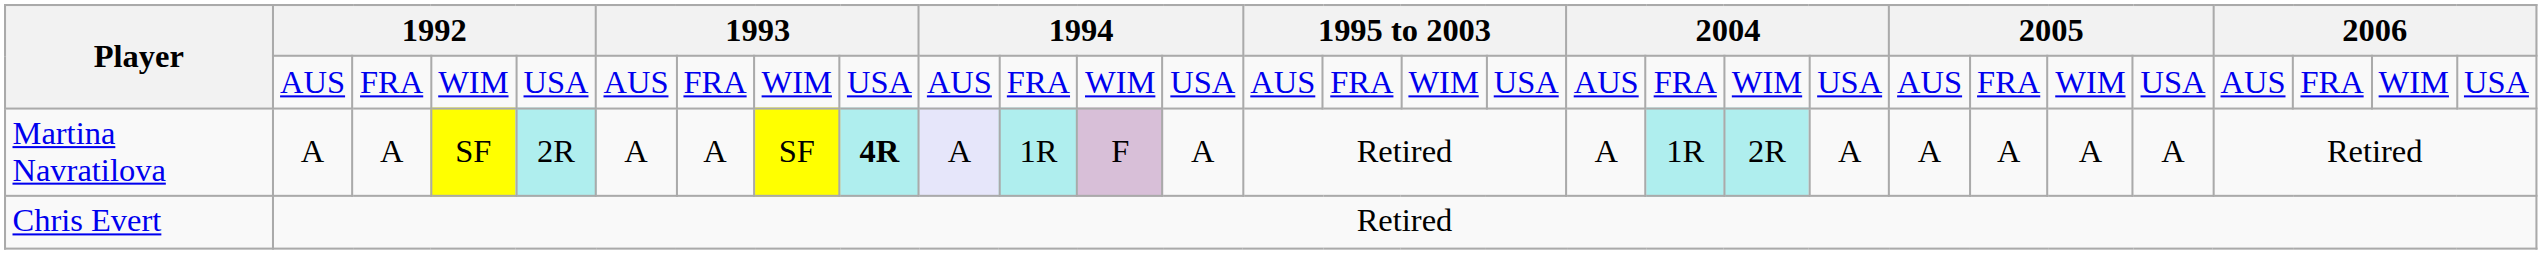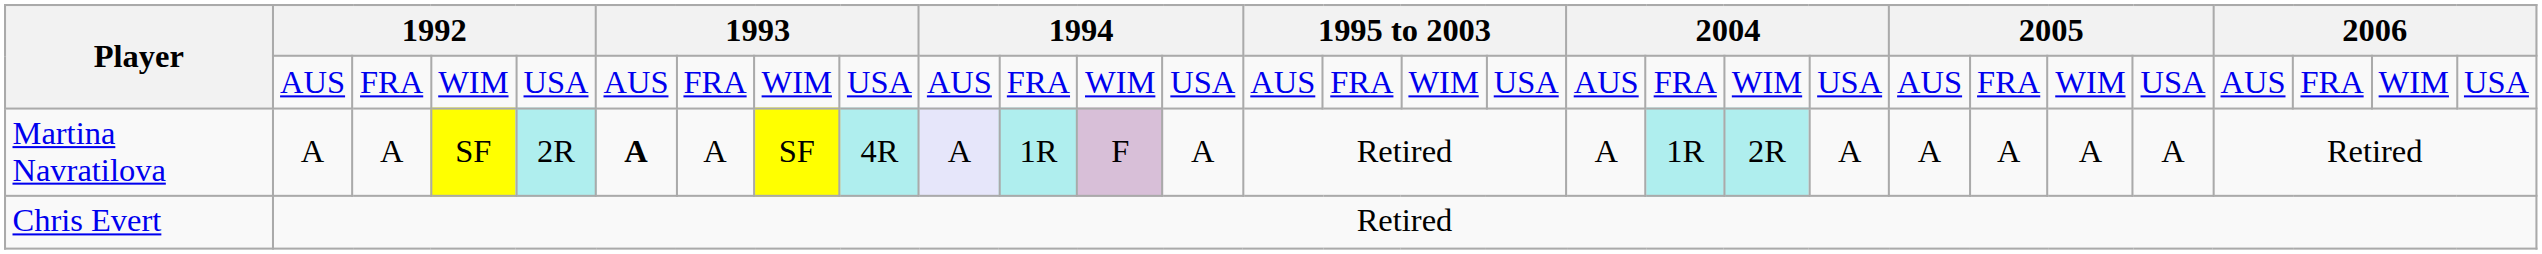 <table class="wikitable">
 <tr>
 <th rowspan="2">Player</th>
 <th colspan="4">1992</th>
 <th colspan="4">1993</th>
 <th colspan="4">1994</th>
 <th colspan="4">1995 to 2003</th>
 <th colspan="4">2004</th>
 <th colspan="4">2005</th>
 <th colspan="4">2006</th>
 </tr>
 <tr>
 <td><a href='#'>AUS</a></td>
 <td><a href='#'>FRA</a></td>
 <td><a href='#'>WIM</a></td>
 <td><a href='#'>USA</a></td>
 <td><a href='#'>AUS</a></td>
 <td><a href='#'>FRA</a></td>
 <td><a href='#'>WIM</a></td>
 <td><a href='#'>USA</a></td>
 <td><a href='#'>AUS</a></td>
 <td><a href='#'>FRA</a></td>
 <td><a href='#'>WIM</a></td>
 <td><a href='#'>USA</a></td>
 <td><a href='#'>AUS</a></td>
 <td><a href='#'>FRA</a></td>
 <td><a href='#'>WIM</a></td>
 <td><a href='#'>USA</a></td>
 <td><a href='#'>AUS</a></td>
 <td><a href='#'>FRA</a></td>
 <td><a href='#'>WIM</a></td>
 <td><a href='#'>USA</a></td>
 <td><a href='#'>AUS</a></td>
 <td><a href='#'>FRA</a></td>
 <td><a href='#'>WIM</a></td>
 <td><a href='#'>USA</a></td>
 <td><a href='#'>AUS</a></td>
 <td><a href='#'>FRA</a></td>
 <td><a href='#'>WIM</a></td>
 <td><a href='#'>USA</a></td>
 </tr>
 <tr align="center">
 <td align="left"> <a href='#'>Martina Navratilova</a></td>
 <td>A</td>
 <td>A</td>
 <td style="background:yellow;">SF</td>
 <td style="background:#afeeee;">2R</td>
-<td>A</td>
+<td><strong>A</strong></td>
 <td>A</td>
 <td style="background:yellow;">SF</td>
-<td style="background:#afeeee;"><strong>4R</strong></td>
+<td style="background:#afeeee;">4R</td>
 <td style="background: lavender;">A</td>
 <td style="background:#afeeee;">1R</td>
 <td style="background:#D8BFD8;">F</td>
 <td>A</td>
 <td colspan="4">Retired</td>
 <td>A</td>
 <td style="background:#afeeee;">1R</td>
 <td style="background:#afeeee;">2R</td>
 <td>A</td>
 <td>A</td>
 <td>A</td>
 <td>A</td>
 <td>A</td>
 <td colspan="4">Retired</td>
 </tr>
 <tr align="center">
 <td align="left"> <a href='#'>Chris Evert</a></td>
 <td colspan="30">Retired</td>
 </tr>
 </table>
